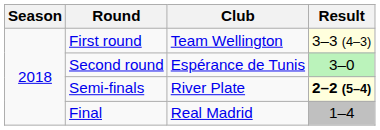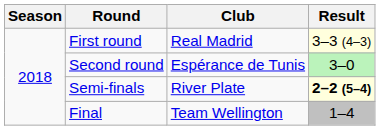 <table class="wikitable" style="text-align:left">
 <tr>
 <th>Season</th>
 <th>Round</th>
 <th>Club</th>
 <th>Result</th>
 </tr>
 <tr>
 <td align="center" rowspan=4><a href='#'>2018</a></td>
 <td><a href='#'>First round</a></td>
-<td> <a href='#'>Team Wellington</a></td>
+<td> <a href='#'>Real Madrid</a></td>
 <td align="center" style="background: #ffd;">3–3 <small> (4–3)</small></td>
 </tr>
 <tr>
 <td><a href='#'>Second round</a></td>
 <td> <a href='#'>Espérance de Tunis</a></td>
 <td align="center" style="background: #BBF3BB;">3–0</td>
 </tr>
 <tr>
 <td><a href='#'>Semi-finals</a></td>
 <td> <a href='#'>River Plate</a></td>
 <td align="center" style="background: #ffd;"><strong>2–2 <small> (5–4)</small></strong></td>
 </tr>
 <tr>
 <td><a href='#'>Final</a></td>
-<td> <a href='#'>Real Madrid</a></td>
+<td> <a href='#'>Team Wellington</a></td>
 <td align="center" style="background: silver">1–4</td>
 </tr>
 </table>
